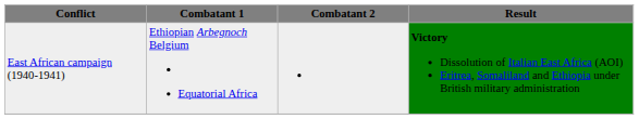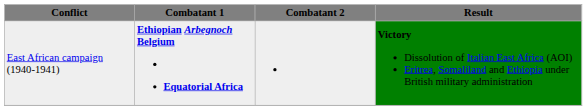 <table class="wikitable">
 <tr>
 <th style="background:grey" width="190"><span>Conflict</span></th>
 <th style="background:grey" width="175"><span>Combatant 1</span></th>
 <th style="background:grey" width="175"><span>Combatant 2</span></th>
 <th style="background:grey" width="305"><span>Result</span></th>
 </tr>
 <tr>
 <td style="background:#efefef"><a href='#'>East African campaign</a><br>(1940-1941)</td>
-<td style="background:#efefef"> <a href='#'>Ethiopian</a> <em><a href='#'>Arbegnoch</a></em><br> <a href='#'>Belgium</a><br><ul><li></li></ul><ul><li> <a href='#'>Equatorial Africa</a></li></ul></td>
+<td style="background:#efefef"><strong> <a href='#'>Ethiopian</a> <em><a href='#'>Arbegnoch</a></em><br> <a href='#'>Belgium</a><br><ul><li></li></ul><ul><li> <a href='#'>Equatorial Africa</a></li></ul></strong></td>
 <td style="background:#efefef"><br><ul><li></li></ul></td>
 <td style="background:Green"><strong>Victory</strong><br><ul><li>Dissolution of <a href='#'>Italian East Africa</a> (AOI)</li><li><a href='#'>Eritrea</a>, <a href='#'>Somaliland</a> and <a href='#'>Ethiopia</a> under British military administration</li></ul></td>
 </tr>
 <tr>
 </tr>
 </table>
